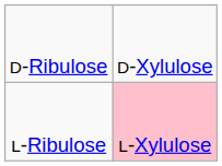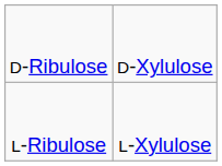 <table class="wikitable skin-invert-image">
 <tr align="center">
 <td><br><br><small>D</small>-<a href='#'>Ribulose</a></td>
 <td><br><br><small>D</small>-<a href='#'>Xylulose</a></td>
 </tr>
 <tr align="center">
 <td><br><br><small>L</small>-<a href='#'>Ribulose</a></td>
-<td style="background: pink;"><br><br><small>L</small>-<a href='#'>Xylulose</a></td>
+<td><br><br><small>L</small>-<a href='#'>Xylulose</a></td>
 </tr>
 </table>
